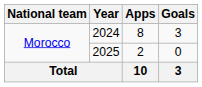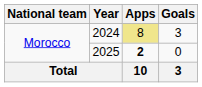 <table class="wikitable" style="text-align:center">
 <tr>
 <th>National team</th>
 <th>Year</th>
 <th>Apps</th>
 <th>Goals</th>
 </tr>
 <tr>
 <td rowspan="2"><a href='#'>Morocco</a></td>
 <td>2024</td>
-<td>8</td>
+<td style="background: khaki;">8</td>
 <td>3</td>
 </tr>
 <tr>
 <td>2025</td>
-<td>2</td>
+<td><strong>2</strong></td>
 <td>0</td>
 </tr>
 <tr>
 <th colspan="2">Total</th>
 <th>10</th>
 <th>3</th>
 </tr>
 </table>
